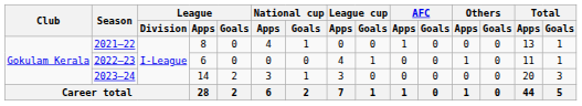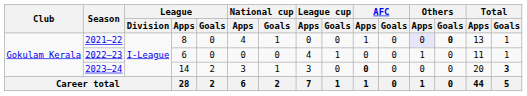 <table class="wikitable" style="text-align:center">
 <tr>
 <th rowspan="2">Club</th>
 <th rowspan="2">Season</th>
 <th colspan="3">League</th>
 <th colspan="2">National cup</th>
 <th colspan="2">League cup</th>
 <th colspan="2"><a href='#'>AFC</a></th>
 <th colspan="2">Others</th>
 <th colspan="2">Total</th>
 </tr>
 <tr>
 <th>Division</th>
 <th>Apps</th>
 <th>Goals</th>
 <th>Apps</th>
 <th>Goals</th>
 <th>Apps</th>
 <th>Goals</th>
 <th>Apps</th>
 <th>Goals</th>
 <th>Apps</th>
 <th>Goals</th>
 <th>Apps</th>
 <th>Goals</th>
 </tr>
 <tr>
 <td rowspan="3"><a href='#'>Gokulam Kerala</a></td>
 <td><a href='#'>2021–22</a></td>
 <td rowspan="3"><a href='#'>I-League</a></td>
 <td>8</td>
 <td>0</td>
 <td>4</td>
 <td>1</td>
 <td>0</td>
 <td>0</td>
 <td>1</td>
 <td>0</td>
-<td>0</td>
-<td>0</td>
+<td style="background: lavender;">0</td>
+<td><strong>0</strong></td>
 <td>13</td>
 <td>1</td>
 </tr>
 <tr>
 <td><a href='#'>2022–23</a></td>
 <td>6</td>
 <td>0</td>
 <td>0</td>
 <td>0</td>
 <td>4</td>
 <td>1</td>
 <td>0</td>
 <td>0</td>
 <td>1</td>
 <td>0</td>
 <td>11</td>
 <td>1</td>
 </tr>
 <tr>
 <td><a href='#'>2023–24</a></td>
 <td>14</td>
 <td>2</td>
 <td>3</td>
 <td>1</td>
 <td>3</td>
 <td>0</td>
-<td>0</td>
+<td><strong>0</strong></td>
 <td>0</td>
 <td>0</td>
 <td>0</td>
 <td>20</td>
-<td>3</td>
+<td><strong>3</strong></td>
 </tr>
 <tr>
 <th colspan="3">Career total</th>
 <th>28</th>
 <th>2</th>
 <th>6</th>
 <th>2</th>
 <th>7</th>
 <th>1</th>
 <th>1</th>
 <th>0</th>
 <th>1</th>
 <th>0</th>
 <th>44</th>
 <th>5</th>
 </tr>
 </table>
